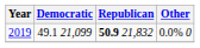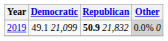 <table class="wikitable" style="float:center; margin:1em; font-size:95%;">
 <tr>
 <th>Year</th>
 <th><a href='#'>Democratic</a></th>
 <th><a href='#'>Republican</a></th>
 <th><a href='#'>Other</a></th>
 </tr>
 <tr>
 <td align="center" ><a href='#'>2019</a></td>
 <td align="center" >49.1 <em>21,099</em></td>
 <td align="center" ><strong>50.9</strong> <em>21,832</em></td>
-<td align="center" >0.0% <em>0</em></td>
+<td align="center"  style="background: lightgrey;">0.0% <em>0</em></td>
 </tr>
 <tr>
 </tr>
 </table>
